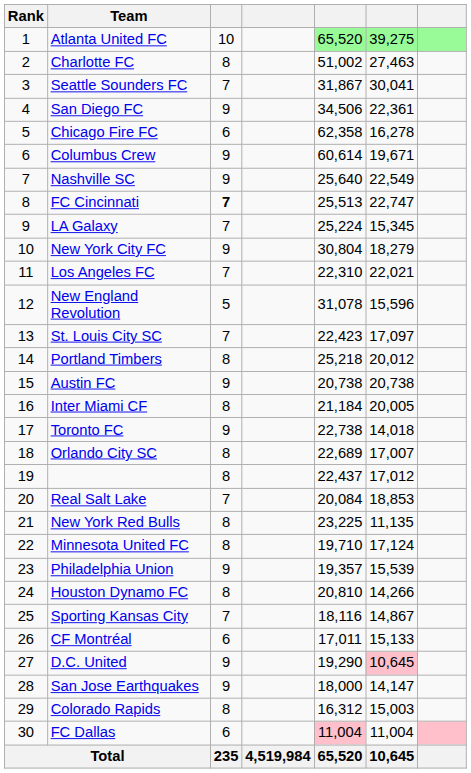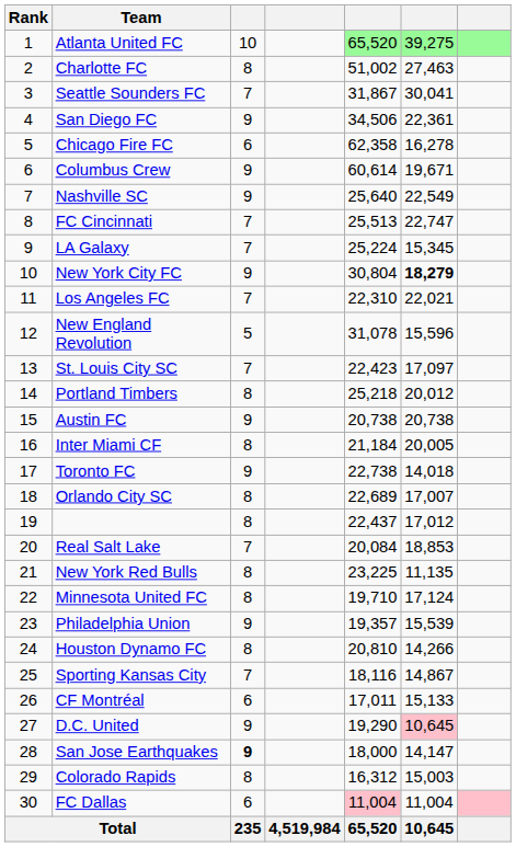 <table class="wikitable sortable" style=text-align:center>
 <tr>
 <th width=25>Rank</th>
 <th width=170>Team</th>
 <th></th>
 <th width=45></th>
 <th width=45></th>
 <th width=45></th>
 <th width=45></th>
 </tr>
 <tr>
 <td>1</td>
 <td align=left><a href='#'>Atlanta United FC</a></td>
 <td>10</td>
 <td></td>
 <td bgcolor="#98fb98">65,520</td>
 <td bgcolor="#98fb98">39,275</td>
 <td bgcolor="#98fb98"></td>
 </tr>
 <tr>
 <td>2</td>
 <td align=left><a href='#'>Charlotte FC</a></td>
 <td>8</td>
 <td></td>
 <td>51,002</td>
 <td>27,463</td>
 <td></td>
 </tr>
 <tr>
 <td>3</td>
 <td align=left><a href='#'>Seattle Sounders FC</a></td>
 <td>7</td>
 <td></td>
 <td>31,867</td>
 <td>30,041</td>
 <td></td>
 </tr>
 <tr>
 <td>4</td>
 <td align=left><a href='#'>San Diego FC</a></td>
 <td>9</td>
 <td></td>
 <td>34,506</td>
 <td>22,361</td>
 <td></td>
 </tr>
 <tr>
 <td>5</td>
 <td align=left><a href='#'>Chicago Fire FC</a></td>
 <td>6</td>
 <td></td>
 <td>62,358</td>
 <td>16,278</td>
 <td></td>
 </tr>
 <tr>
 <td>6</td>
 <td align=left><a href='#'>Columbus Crew</a></td>
 <td>9</td>
 <td></td>
 <td>60,614</td>
 <td>19,671</td>
 <td></td>
 </tr>
 <tr>
 <td>7</td>
 <td align=left><a href='#'>Nashville SC</a></td>
 <td>9</td>
 <td></td>
 <td>25,640</td>
 <td>22,549</td>
 <td></td>
 </tr>
 <tr>
 <td>8</td>
 <td align=left><a href='#'>FC Cincinnati</a></td>
-<td><strong>7</strong></td>
+<td>7</td>
 <td></td>
 <td>25,513</td>
 <td>22,747</td>
 <td></td>
 </tr>
 <tr>
 <td>9</td>
 <td align=left><a href='#'>LA Galaxy</a></td>
 <td>7</td>
 <td></td>
 <td>25,224</td>
 <td>15,345</td>
 <td></td>
 </tr>
 <tr>
 <td>10</td>
 <td align=left><a href='#'>New York City FC</a></td>
 <td>9</td>
 <td></td>
 <td>30,804</td>
-<td>18,279</td>
+<td><strong>18,279</strong></td>
 <td></td>
 </tr>
 <tr>
 <td>11</td>
 <td align=left><a href='#'>Los Angeles FC</a></td>
 <td>7</td>
 <td></td>
 <td>22,310</td>
 <td>22,021</td>
 <td></td>
 </tr>
 <tr>
 <td>12</td>
 <td align=left><a href='#'>New England Revolution</a></td>
 <td>5</td>
 <td></td>
 <td>31,078</td>
 <td>15,596</td>
 <td></td>
 </tr>
 <tr>
 <td>13</td>
 <td align=left><a href='#'>St. Louis City SC</a></td>
 <td>7</td>
 <td></td>
 <td>22,423</td>
 <td>17,097</td>
 <td></td>
 </tr>
 <tr>
 <td>14</td>
 <td align=left><a href='#'>Portland Timbers</a></td>
 <td>8</td>
 <td></td>
 <td>25,218</td>
 <td>20,012</td>
 <td></td>
 </tr>
 <tr>
 <td>15</td>
 <td align=left><a href='#'>Austin FC</a></td>
 <td>9</td>
 <td></td>
 <td>20,738</td>
 <td>20,738</td>
 <td></td>
 </tr>
 <tr>
 <td>16</td>
 <td align=left><a href='#'>Inter Miami CF</a></td>
 <td>8</td>
 <td></td>
 <td>21,184</td>
 <td>20,005</td>
 <td></td>
 </tr>
 <tr>
 <td>17</td>
 <td align=left><a href='#'>Toronto FC</a></td>
 <td>9</td>
 <td></td>
 <td>22,738</td>
 <td>14,018</td>
 <td></td>
 </tr>
 <tr>
 <td>18</td>
 <td align=left><a href='#'>Orlando City SC</a></td>
 <td>8</td>
 <td></td>
 <td>22,689</td>
 <td>17,007</td>
 <td></td>
 </tr>
 <tr>
 <td>19</td>
 <td align=left></td>
 <td>8</td>
 <td></td>
 <td>22,437</td>
 <td>17,012</td>
 <td></td>
 </tr>
 <tr>
 <td>20</td>
 <td align=left><a href='#'>Real Salt Lake</a></td>
 <td>7</td>
 <td></td>
 <td>20,084</td>
 <td>18,853</td>
 <td></td>
 </tr>
 <tr>
 <td>21</td>
 <td align=left><a href='#'>New York Red Bulls</a></td>
 <td>8</td>
 <td></td>
 <td>23,225</td>
 <td>11,135</td>
 <td></td>
 </tr>
 <tr>
 <td>22</td>
 <td align=left><a href='#'>Minnesota United FC</a></td>
 <td>8</td>
 <td></td>
 <td>19,710</td>
 <td>17,124</td>
 <td></td>
 </tr>
 <tr>
 <td>23</td>
 <td align=left><a href='#'>Philadelphia Union</a></td>
 <td>9</td>
 <td></td>
 <td>19,357</td>
 <td>15,539</td>
 <td></td>
 </tr>
 <tr>
 <td>24</td>
 <td align=left><a href='#'>Houston Dynamo FC</a></td>
 <td>8</td>
 <td></td>
 <td>20,810</td>
 <td>14,266</td>
 <td></td>
 </tr>
 <tr>
 <td>25</td>
 <td align=left><a href='#'>Sporting Kansas City</a></td>
 <td>7</td>
 <td></td>
 <td>18,116</td>
 <td>14,867</td>
 <td></td>
 </tr>
 <tr>
 <td>26</td>
 <td align=left><a href='#'>CF Montréal</a></td>
 <td>6</td>
 <td></td>
 <td>17,011</td>
 <td>15,133</td>
 <td></td>
 </tr>
 <tr>
 <td>27</td>
 <td align=left><a href='#'>D.C. United</a></td>
 <td>9</td>
 <td></td>
 <td>19,290</td>
 <td bgcolor="#ffc0cb">10,645</td>
 <td></td>
 </tr>
 <tr>
 <td>28</td>
 <td align=left><a href='#'>San Jose Earthquakes</a></td>
-<td>9</td>
+<td><strong>9</strong></td>
 <td></td>
 <td>18,000</td>
 <td>14,147</td>
 <td></td>
 </tr>
 <tr>
 <td>29</td>
 <td align=left><a href='#'>Colorado Rapids</a></td>
 <td>8</td>
 <td></td>
 <td>16,312</td>
 <td>15,003</td>
 <td></td>
 </tr>
 <tr>
 <td>30</td>
 <td align=left><a href='#'>FC Dallas</a></td>
 <td>6</td>
 <td></td>
 <td bgcolor="#ffc0cb">11,004</td>
 <td>11,004</td>
 <td bgcolor="#ffc0cb"></td>
 </tr>
 <tr>
 <th colspan=2>Total</th>
 <th>235</th>
 <th>4,519,984</th>
 <th>65,520</th>
 <th>10,645</th>
 <th></th>
 </tr>
 </table>
